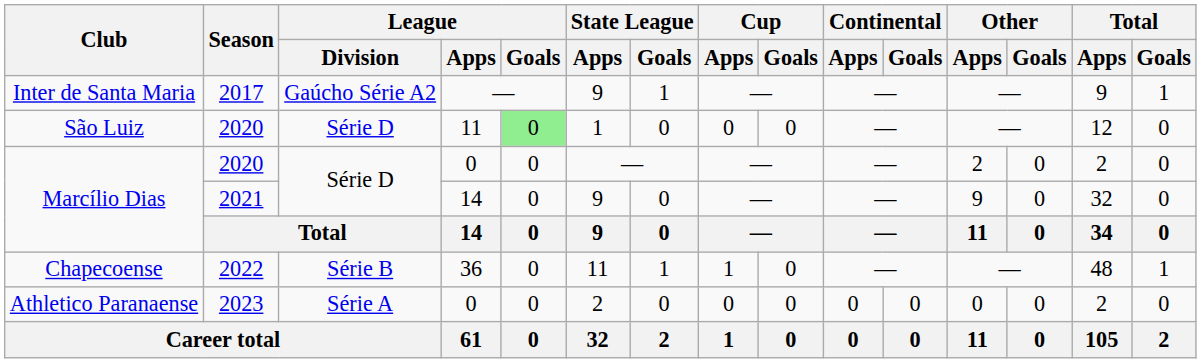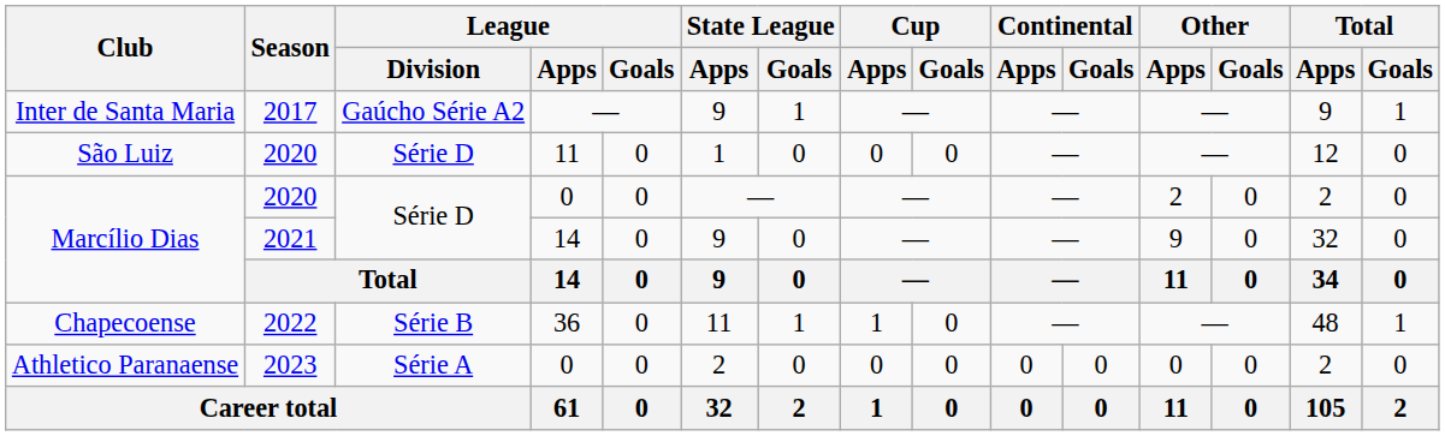 <table class="wikitable" style="text-align: center;">
 <tr>
 <th rowspan="2">Club</th>
 <th rowspan="2">Season</th>
 <th colspan="3">League</th>
 <th colspan="2">State League</th>
 <th colspan="2">Cup</th>
 <th colspan="2">Continental</th>
 <th colspan="2">Other</th>
 <th colspan="2">Total</th>
 </tr>
 <tr>
 <th>Division</th>
 <th>Apps</th>
 <th>Goals</th>
 <th>Apps</th>
 <th>Goals</th>
 <th>Apps</th>
 <th>Goals</th>
 <th>Apps</th>
 <th>Goals</th>
 <th>Apps</th>
 <th>Goals</th>
 <th>Apps</th>
 <th>Goals</th>
 </tr>
 <tr>
 <td valign="center"><a href='#'>Inter de Santa Maria</a></td>
 <td><a href='#'>2017</a></td>
 <td><a href='#'>Gaúcho Série A2</a></td>
 <td colspan="2">—</td>
 <td>9</td>
 <td>1</td>
 <td colspan="2">—</td>
 <td colspan="2">—</td>
 <td colspan="2">—</td>
 <td>9</td>
 <td>1</td>
 </tr>
 <tr>
 <td valign="center"><a href='#'>São Luiz</a></td>
 <td><a href='#'>2020</a></td>
 <td><a href='#'>Série D</a></td>
 <td>11</td>
-<td style="background: lightgreen;">0</td>
+<td>0</td>
 <td>1</td>
 <td>0</td>
 <td>0</td>
 <td>0</td>
 <td colspan="2">—</td>
 <td colspan="2">—</td>
 <td>12</td>
 <td>0</td>
 </tr>
 <tr>
 <td rowspan="3" valign="center"><a href='#'>Marcílio Dias</a></td>
 <td><a href='#'>2020</a></td>
 <td rowspan="2">Série D</td>
 <td>0</td>
 <td>0</td>
 <td colspan="2">—</td>
 <td colspan="2">—</td>
 <td colspan="2">—</td>
 <td>2</td>
 <td>0</td>
 <td>2</td>
 <td>0</td>
 </tr>
 <tr>
 <td><a href='#'>2021</a></td>
 <td>14</td>
 <td>0</td>
 <td>9</td>
 <td>0</td>
 <td colspan="2">—</td>
 <td colspan="2">—</td>
 <td>9</td>
 <td>0</td>
 <td>32</td>
 <td>0</td>
 </tr>
 <tr>
 <th colspan="2">Total</th>
 <th>14</th>
 <th>0</th>
 <th>9</th>
 <th>0</th>
 <th colspan="2">—</th>
 <th colspan="2">—</th>
 <th>11</th>
 <th>0</th>
 <th>34</th>
 <th>0</th>
 </tr>
 <tr>
 <td valign="center"><a href='#'>Chapecoense</a></td>
 <td><a href='#'>2022</a></td>
 <td><a href='#'>Série B</a></td>
 <td>36</td>
 <td>0</td>
 <td>11</td>
 <td>1</td>
 <td>1</td>
 <td>0</td>
 <td colspan="2">—</td>
 <td colspan="2">—</td>
 <td>48</td>
 <td>1</td>
 </tr>
 <tr>
 <td valign="center"><a href='#'>Athletico Paranaense</a></td>
 <td><a href='#'>2023</a></td>
 <td><a href='#'>Série A</a></td>
 <td>0</td>
 <td>0</td>
 <td>2</td>
 <td>0</td>
 <td>0</td>
 <td>0</td>
 <td>0</td>
 <td>0</td>
 <td>0</td>
 <td>0</td>
 <td>2</td>
 <td>0</td>
 </tr>
 <tr>
 <th colspan="3"><strong>Career total</strong></th>
 <th>61</th>
 <th>0</th>
 <th>32</th>
 <th>2</th>
 <th>1</th>
 <th>0</th>
 <th>0</th>
 <th>0</th>
 <th>11</th>
 <th>0</th>
 <th>105</th>
 <th>2</th>
 </tr>
 </table>
